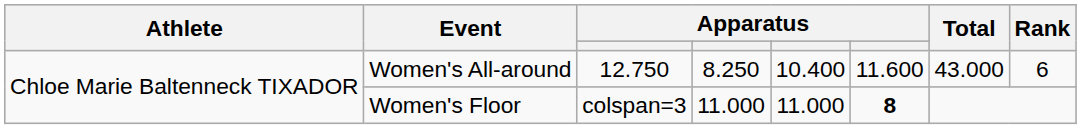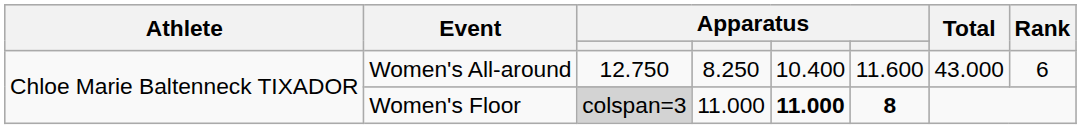 <table class="wikitable" style="font-size:90%">
 <tr>
 <th rowspan=2>Athlete</th>
 <th rowspan=2>Event</th>
 <th colspan=4>Apparatus</th>
 <th rowspan=2>Total</th>
 <th rowspan=2>Rank</th>
 </tr>
 <tr style="font-size:95%">
 <th></th>
 <th></th>
 <th></th>
 <th></th>
 </tr>
 <tr align=center>
 <td align=left rowspan=2>Chloe Marie Baltenneck TIXADOR</td>
 <td align=left>Women's All-around</td>
 <td>12.750</td>
 <td>8.250</td>
 <td>10.400</td>
 <td>11.600</td>
 <td>43.000</td>
 <td>6</td>
 </tr>
 <tr align=center>
 <td align=left>Women's Floor</td>
-<td>colspan=3 </td>
+<td style="background: lightgrey;">colspan=3 </td>
 <td>11.000</td>
-<td>11.000</td>
+<td><strong>11.000</strong></td>
 <td><strong>8</strong></td>
 </tr>
 </table>
